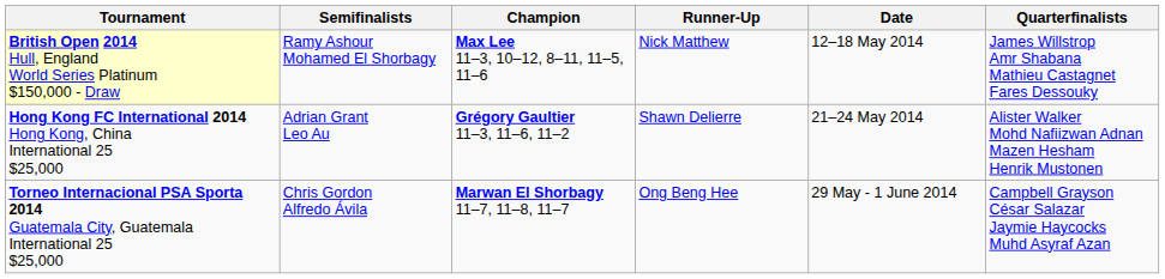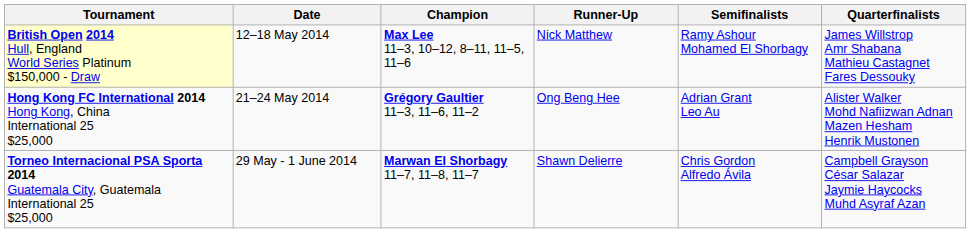 <table class="wikitable" style="font-size:88%">
 <tr>
 <th width=250>Tournament</th>
-<th width=155>Semifinalists</th>
+<th width=160>Date</th>
 <th width=165>Champion</th>
 <th width=155>Runner-Up</th>
-<th width=160>Date</th>
+<th width=155>Semifinalists</th>
 <th width=155>Quarterfinalists</th>
 </tr>
 <tr valign=top>
 <td style="background:#ffc;"><strong><a href='#'>British Open</a> <a href='#'>2014</a></strong><br> <a href='#'>Hull</a>, England<br><a href='#'>World Series</a> Platinum<br>$150,000 - <a href='#'>Draw</a></td>
-<td> <a href='#'>Ramy Ashour</a><br>  <a href='#'>Mohamed El Shorbagy</a></td>
+<td>12–18 May 2014</td>
 <td> <strong><a href='#'>Max Lee</a></strong><br>11–3, 10–12, 8–11, 11–5, 11–6</td>
 <td> <a href='#'>Nick Matthew</a></td>
-<td>12–18 May 2014</td>
+<td> <a href='#'>Ramy Ashour</a><br>  <a href='#'>Mohamed El Shorbagy</a></td>
 <td> <a href='#'>James Willstrop</a><br> <a href='#'>Amr Shabana</a><br> <a href='#'>Mathieu Castagnet</a><br> <a href='#'>Fares Dessouky</a></td>
 </tr>
 <tr valign=top>
 <td><strong><a href='#'>Hong Kong FC International</a> 2014</strong><br> <a href='#'>Hong Kong</a>, China<br>International 25<br>$25,000</td>
+<td>21–24 May 2014</td>
+<td> <strong><a href='#'>Grégory Gaultier</a></strong><br>11–3, 11–6, 11–2</td>
+<td> <a href='#'>Ong Beng Hee</a></td>
 <td> <a href='#'>Adrian Grant</a><br> <a href='#'>Leo Au</a></td>
-<td> <strong><a href='#'>Grégory Gaultier</a></strong><br>11–3, 11–6, 11–2</td>
-<td> <a href='#'>Shawn Delierre</a></td>
-<td>21–24 May 2014</td>
 <td> <a href='#'>Alister Walker</a><br> <a href='#'>Mohd Nafiizwan Adnan</a><br> <a href='#'>Mazen Hesham</a><br> <a href='#'>Henrik Mustonen</a></td>
 </tr>
 <tr valign=top>
 <td><strong><a href='#'>Torneo Internacional PSA Sporta</a> 2014</strong><br> <a href='#'>Guatemala City</a>, Guatemala<br>International 25<br>$25,000</td>
+<td>29 May - 1 June 2014</td>
+<td> <strong><a href='#'>Marwan El Shorbagy</a></strong><br>11–7, 11–8, 11–7</td>
+<td> <a href='#'>Shawn Delierre</a></td>
 <td> <a href='#'>Chris Gordon</a><br> <a href='#'>Alfredo Ávila</a></td>
-<td> <strong><a href='#'>Marwan El Shorbagy</a></strong><br>11–7, 11–8, 11–7</td>
-<td> <a href='#'>Ong Beng Hee</a></td>
-<td>29 May - 1 June 2014</td>
 <td> <a href='#'>Campbell Grayson</a><br> <a href='#'>César Salazar</a><br> <a href='#'>Jaymie Haycocks</a><br> <a href='#'>Muhd Asyraf Azan</a></td>
 </tr>
 </table>
